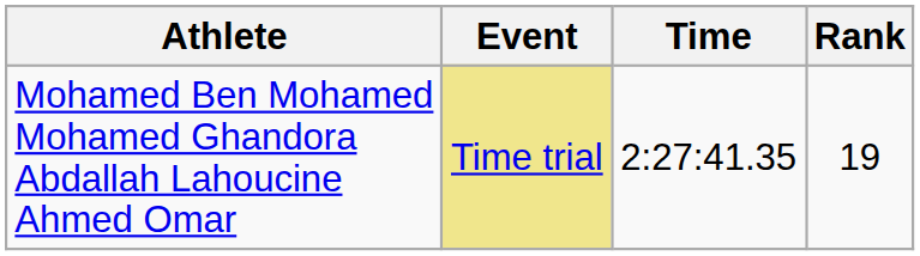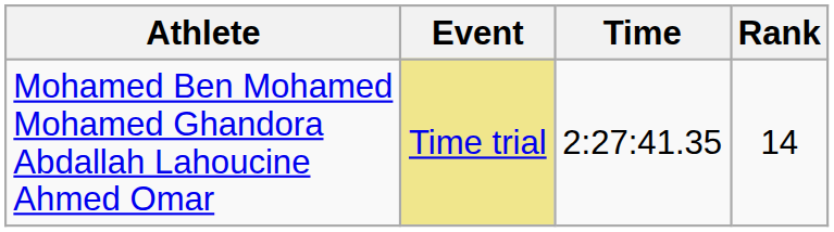 <table class=wikitable style="font-size:90%">
 <tr>
 <th>Athlete</th>
 <th>Event</th>
 <th>Time</th>
 <th>Rank</th>
 </tr>
 <tr align=center>
 <td align=left><a href='#'>Mohamed Ben Mohamed</a><br><a href='#'>Mohamed Ghandora</a><br><a href='#'>Abdallah Lahoucine</a><br><a href='#'>Ahmed Omar</a></td>
 <td align=left style="background: khaki;"><a href='#'>Time trial</a></td>
 <td>2:27:41.35</td>
-<td>19</td>
+<td>14</td>
 </tr>
 </table>
